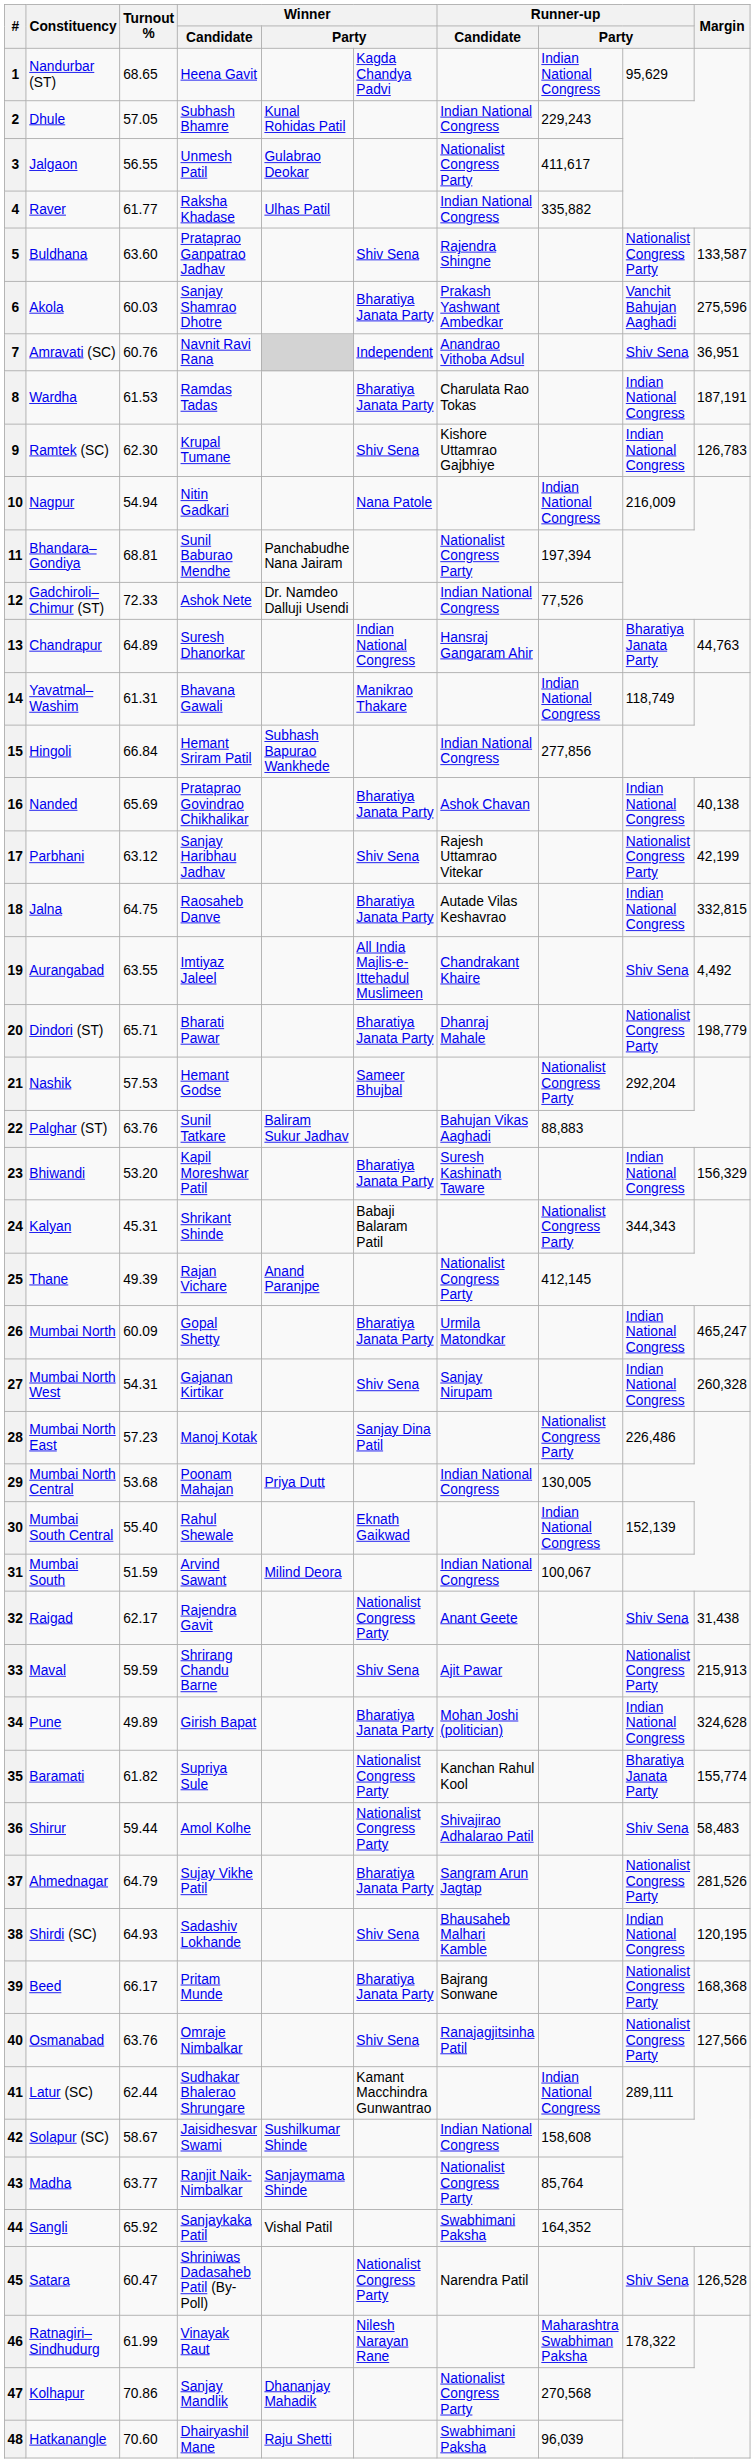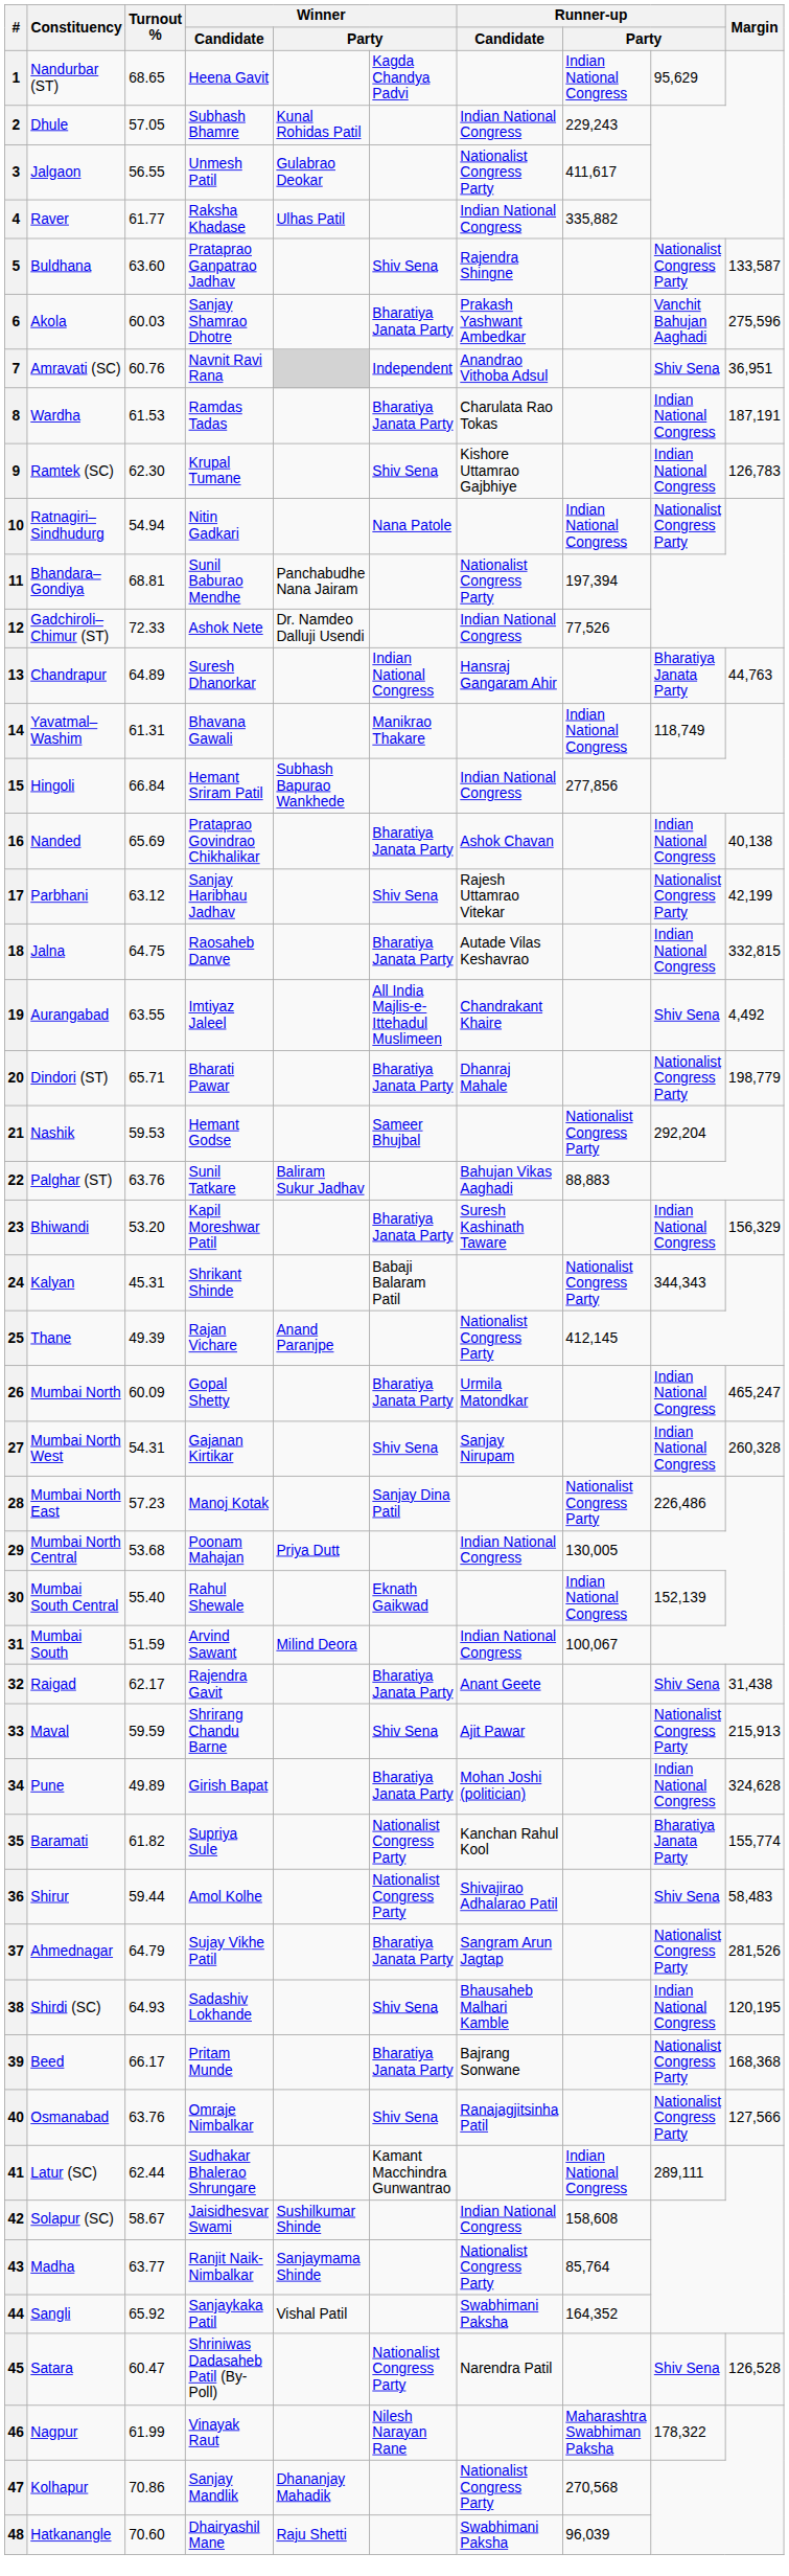 <table class="wikitable sortable">
 <tr>
 <th rowspan="2">#</th>
 <th rowspan="2">Constituency</th>
 <th rowspan="2">Turnout %</th>
 <th colspan="3">Winner</th>
 <th colspan="3">Runner-up</th>
 <th rowspan="2">Margin</th>
 </tr>
 <tr>
 <th>Candidate</th>
 <th colspan="2">Party</th>
 <th>Candidate</th>
 <th colspan="2">Party</th>
 </tr>
 <tr>
 <th>1</th>
 <td><a href='#'>Nandurbar</a> (ST)</td>
 <td>68.65 </td>
 <td><a href='#'>Heena Gavit</a></td>
 <td></td>
 <td><a href='#'>Kagda Chandya Padvi</a></td>
 <td style="background-color:"></td>
 <td><a href='#'>Indian National Congress</a></td>
 <td>95,629</td>
 </tr>
 <tr>
 <th>2</th>
 <td><a href='#'>Dhule</a></td>
 <td>57.05 </td>
 <td><a href='#'>Subhash Bhamre</a></td>
 <td><a href='#'>Kunal Rohidas Patil</a></td>
 <td style="background-color:"></td>
 <td><a href='#'>Indian National Congress</a></td>
 <td>229,243</td>
 </tr>
 <tr>
 <th>3</th>
 <td><a href='#'>Jalgaon</a></td>
 <td>56.55 </td>
 <td><a href='#'>Unmesh Patil</a></td>
 <td><a href='#'>Gulabrao Deokar</a></td>
 <td style="background-color:"></td>
 <td><a href='#'>Nationalist Congress Party</a></td>
 <td>411,617</td>
 </tr>
 <tr>
 <th>4</th>
 <td><a href='#'>Raver</a></td>
 <td>61.77 </td>
 <td><a href='#'>Raksha Khadase</a></td>
 <td><a href='#'>Ulhas Patil</a></td>
 <td style="background-color:"></td>
 <td><a href='#'>Indian National Congress</a></td>
 <td>335,882</td>
 </tr>
 <tr>
 <th>5</th>
 <td><a href='#'>Buldhana</a></td>
 <td>63.60 </td>
 <td><a href='#'>Prataprao Ganpatrao Jadhav</a></td>
 <td style="background-color: "></td>
 <td><a href='#'>Shiv Sena</a></td>
 <td><a href='#'>Rajendra Shingne</a></td>
 <td style="background-color:"></td>
 <td><a href='#'>Nationalist Congress Party</a></td>
 <td>133,587</td>
 </tr>
 <tr>
 <th>6</th>
 <td><a href='#'>Akola</a></td>
 <td>60.03 </td>
 <td><a href='#'>Sanjay Shamrao Dhotre</a></td>
 <td style="background-color:"></td>
 <td><a href='#'>Bharatiya Janata Party</a></td>
 <td><a href='#'>Prakash Yashwant Ambedkar</a></td>
 <td style="background-color:"></td>
 <td><a href='#'>Vanchit Bahujan Aaghadi</a></td>
 <td>275,596</td>
 </tr>
 <tr>
 <th>7</th>
 <td><a href='#'>Amravati</a> (SC)</td>
 <td>60.76 </td>
 <td><a href='#'>Navnit Ravi Rana</a></td>
 <td style="background-color:lightgrey"></td>
 <td><a href='#'>Independent</a></td>
 <td><a href='#'>Anandrao Vithoba Adsul</a></td>
 <td style="background-color:"></td>
 <td><a href='#'>Shiv Sena</a></td>
 <td>36,951</td>
 </tr>
 <tr>
 <th>8</th>
 <td><a href='#'>Wardha</a></td>
 <td>61.53 </td>
 <td><a href='#'>Ramdas Tadas</a></td>
 <td style="background-color:"></td>
 <td><a href='#'>Bharatiya Janata Party</a></td>
 <td>Charulata Rao<br>Tokas</td>
 <td style="background-color:"></td>
 <td><a href='#'>Indian National Congress</a></td>
 <td>187,191</td>
 </tr>
 <tr>
 <th>9</th>
 <td><a href='#'>Ramtek</a> (SC)</td>
 <td>62.30 </td>
 <td><a href='#'>Krupal Tumane</a></td>
 <td style="background-color: "></td>
 <td><a href='#'>Shiv Sena</a></td>
 <td>Kishore Uttamrao Gajbhiye</td>
 <td style="background-color:"></td>
 <td><a href='#'>Indian National Congress</a></td>
 <td>126,783</td>
 </tr>
 <tr>
 <th>10</th>
-<td><a href='#'>Nagpur</a></td>
+<td><a href='#'>Ratnagiri–Sindhudurg</a></td>
 <td>54.94 </td>
 <td><a href='#'>Nitin Gadkari</a></td>
 <td></td>
 <td><a href='#'>Nana Patole</a></td>
 <td style="background-color:"></td>
 <td><a href='#'>Indian National Congress</a></td>
-<td>216,009</td>
+<td><a href='#'>Nationalist Congress Party</a></td>
 </tr>
 <tr>
 <th>11</th>
 <td><a href='#'>Bhandara–Gondiya</a></td>
 <td>68.81 </td>
 <td><a href='#'>Sunil Baburao Mendhe</a></td>
 <td>Panchabudhe Nana Jairam</td>
 <td style="background-color:"></td>
 <td><a href='#'>Nationalist Congress Party</a></td>
 <td>197,394</td>
 </tr>
 <tr>
 <th>12</th>
 <td><a href='#'>Gadchiroli–Chimur</a> (ST)</td>
 <td>72.33 </td>
 <td><a href='#'>Ashok Nete</a></td>
 <td>Dr. Namdeo Dalluji Usendi</td>
 <td style="background-color:"></td>
 <td><a href='#'>Indian National Congress</a></td>
 <td>77,526</td>
 </tr>
 <tr>
 <th>13</th>
 <td><a href='#'>Chandrapur</a></td>
 <td>64.89 </td>
 <td><a href='#'>Suresh Dhanorkar</a></td>
 <td style="background-color: "></td>
 <td><a href='#'>Indian National Congress</a></td>
 <td><a href='#'>Hansraj Gangaram Ahir</a></td>
 <td style="background-color:"></td>
 <td><a href='#'>Bharatiya Janata Party</a></td>
 <td>44,763</td>
 </tr>
 <tr>
 <th>14</th>
 <td><a href='#'>Yavatmal–Washim</a></td>
 <td>61.31 </td>
 <td><a href='#'>Bhavana Gawali</a></td>
 <td></td>
 <td><a href='#'>Manikrao Thakare</a></td>
 <td style="background-color:"></td>
 <td><a href='#'>Indian National Congress</a></td>
 <td>118,749</td>
 </tr>
 <tr>
 <th>15</th>
 <td><a href='#'>Hingoli</a></td>
 <td>66.84 </td>
 <td><a href='#'>Hemant Sriram Patil</a></td>
 <td><a href='#'>Subhash Bapurao Wankhede</a></td>
 <td style="background-color:"></td>
 <td><a href='#'>Indian National Congress</a></td>
 <td>277,856</td>
 </tr>
 <tr>
 <th>16</th>
 <td><a href='#'>Nanded</a></td>
 <td>65.69 </td>
 <td><a href='#'>Prataprao Govindrao Chikhalikar</a></td>
 <td style="background-color:"></td>
 <td><a href='#'>Bharatiya Janata Party</a></td>
 <td><a href='#'>Ashok Chavan</a></td>
 <td style="background-color:"></td>
 <td><a href='#'>Indian National Congress</a></td>
 <td>40,138</td>
 </tr>
 <tr>
 <th>17</th>
 <td><a href='#'>Parbhani</a></td>
 <td>63.12 </td>
 <td><a href='#'>Sanjay Haribhau Jadhav</a></td>
 <td style="background-color: "></td>
 <td><a href='#'>Shiv Sena</a></td>
 <td>Rajesh Uttamrao Vitekar</td>
 <td style="background-color:"></td>
 <td><a href='#'>Nationalist Congress Party</a></td>
 <td>42,199</td>
 </tr>
 <tr>
 <th>18</th>
 <td><a href='#'>Jalna</a></td>
 <td>64.75 </td>
 <td><a href='#'>Raosaheb Danve</a></td>
 <td style="background-color:"></td>
 <td><a href='#'>Bharatiya Janata Party</a></td>
 <td>Autade Vilas Keshavrao</td>
 <td style="background-color:"></td>
 <td><a href='#'>Indian National Congress</a></td>
 <td>332,815</td>
 </tr>
 <tr>
 <th>19</th>
 <td><a href='#'>Aurangabad</a></td>
 <td>63.55 </td>
 <td><a href='#'>Imtiyaz Jaleel</a></td>
 <td style="background-color:"></td>
 <td><a href='#'>All India Majlis-e-Ittehadul Muslimeen</a></td>
 <td><a href='#'>Chandrakant Khaire</a></td>
 <td style="background-color:"></td>
 <td><a href='#'>Shiv Sena</a></td>
 <td>4,492</td>
 </tr>
 <tr>
 <th>20</th>
 <td><a href='#'>Dindori</a> (ST)</td>
 <td>65.71 </td>
 <td><a href='#'>Bharati Pawar</a></td>
 <td style="background-color:"></td>
 <td><a href='#'>Bharatiya Janata Party</a></td>
 <td><a href='#'>Dhanraj Mahale</a></td>
 <td style="background-color:"></td>
 <td><a href='#'>Nationalist Congress Party</a></td>
 <td>198,779</td>
 </tr>
 <tr>
 <th>21</th>
 <td><a href='#'>Nashik</a></td>
-<td>57.53 </td>
+<td>59.53 </td>
 <td><a href='#'>Hemant Godse</a></td>
 <td></td>
 <td><a href='#'>Sameer Bhujbal</a></td>
 <td style="background-color:"></td>
 <td><a href='#'>Nationalist Congress Party</a></td>
 <td>292,204</td>
 </tr>
 <tr>
 <th>22</th>
 <td><a href='#'>Palghar</a> (ST)</td>
 <td>63.76 </td>
 <td><a href='#'>Sunil Tatkare</a></td>
 <td><a href='#'>Baliram Sukur Jadhav</a></td>
 <td style="background-color:"></td>
 <td><a href='#'>Bahujan Vikas Aaghadi</a></td>
 <td>88,883</td>
 </tr>
 <tr>
 <th>23</th>
 <td><a href='#'>Bhiwandi</a></td>
 <td>53.20 </td>
 <td><a href='#'>Kapil Moreshwar Patil</a></td>
 <td style="background-color:"></td>
 <td><a href='#'>Bharatiya Janata Party</a></td>
 <td><a href='#'>Suresh Kashinath Taware</a></td>
 <td style="background-color:"></td>
 <td><a href='#'>Indian National Congress</a></td>
 <td>156,329</td>
 </tr>
 <tr>
 <th>24</th>
 <td><a href='#'>Kalyan</a></td>
 <td>45.31 </td>
 <td><a href='#'>Shrikant Shinde</a></td>
 <td></td>
 <td>Babaji Balaram Patil</td>
 <td style="background-color:"></td>
 <td><a href='#'>Nationalist Congress Party</a></td>
 <td>344,343</td>
 </tr>
 <tr>
 <th>25</th>
 <td><a href='#'>Thane</a></td>
 <td>49.39 </td>
 <td><a href='#'>Rajan Vichare</a></td>
 <td><a href='#'>Anand Paranjpe</a></td>
 <td style="background-color:"></td>
 <td><a href='#'>Nationalist Congress Party</a></td>
 <td>412,145</td>
 </tr>
 <tr>
 <th>26</th>
 <td><a href='#'>Mumbai North</a></td>
 <td>60.09 </td>
 <td><a href='#'>Gopal Shetty</a></td>
 <td style="background-color:"></td>
 <td><a href='#'>Bharatiya Janata Party</a></td>
 <td><a href='#'>Urmila Matondkar</a></td>
 <td style="background-color:"></td>
 <td><a href='#'>Indian National Congress</a></td>
 <td>465,247</td>
 </tr>
 <tr>
 <th>27</th>
 <td><a href='#'>Mumbai North West</a></td>
 <td>54.31 </td>
 <td><a href='#'>Gajanan Kirtikar</a></td>
 <td style="background-color: "></td>
 <td><a href='#'>Shiv Sena</a></td>
 <td><a href='#'>Sanjay Nirupam</a></td>
 <td style="background-color:"></td>
 <td><a href='#'>Indian National Congress</a></td>
 <td>260,328</td>
 </tr>
 <tr>
 <th>28</th>
 <td><a href='#'>Mumbai North East</a></td>
 <td>57.23 </td>
 <td><a href='#'>Manoj Kotak</a></td>
 <td></td>
 <td><a href='#'>Sanjay Dina Patil</a></td>
 <td style="background-color:"></td>
 <td><a href='#'>Nationalist Congress Party</a></td>
 <td>226,486</td>
 </tr>
 <tr>
 <th>29</th>
 <td><a href='#'>Mumbai North Central</a></td>
 <td>53.68 </td>
 <td><a href='#'>Poonam Mahajan</a></td>
 <td><a href='#'>Priya Dutt</a></td>
 <td style="background-color:"></td>
 <td><a href='#'>Indian National Congress</a></td>
 <td>130,005</td>
 </tr>
 <tr>
 <th>30</th>
 <td><a href='#'>Mumbai South Central</a></td>
 <td>55.40 </td>
 <td><a href='#'>Rahul Shewale</a></td>
 <td></td>
 <td><a href='#'>Eknath Gaikwad</a></td>
 <td style="background-color:"></td>
 <td><a href='#'>Indian National Congress</a></td>
 <td>152,139</td>
 </tr>
 <tr>
 <th>31</th>
 <td><a href='#'>Mumbai South</a></td>
 <td>51.59 </td>
 <td><a href='#'>Arvind Sawant</a></td>
 <td><a href='#'>Milind Deora</a></td>
 <td style="background-color:"></td>
 <td><a href='#'>Indian National Congress</a></td>
 <td>100,067</td>
 </tr>
 <tr>
 <th>32</th>
 <td><a href='#'>Raigad</a></td>
 <td>62.17 </td>
 <td><a href='#'>Rajendra Gavit</a></td>
 <td style="background-color: "></td>
-<td><a href='#'>Nationalist Congress Party</a></td>
+<td><a href='#'>Bharatiya Janata Party</a></td>
 <td><a href='#'>Anant Geete</a></td>
 <td style="background-color:"></td>
 <td><a href='#'>Shiv Sena</a></td>
 <td>31,438</td>
 </tr>
 <tr>
 <th>33</th>
 <td><a href='#'>Maval</a></td>
 <td>59.59 </td>
 <td><a href='#'>Shrirang Chandu Barne</a></td>
 <td style="background-color: "></td>
 <td><a href='#'>Shiv Sena</a></td>
 <td><a href='#'>Ajit Pawar</a></td>
 <td style="background-color:"></td>
 <td><a href='#'>Nationalist Congress Party</a></td>
 <td>215,913</td>
 </tr>
 <tr>
 <th>34</th>
 <td><a href='#'>Pune</a></td>
 <td>49.89 </td>
 <td><a href='#'>Girish Bapat</a></td>
 <td style="background-color:"></td>
 <td><a href='#'>Bharatiya Janata Party</a></td>
 <td><a href='#'>Mohan Joshi (politician)</a></td>
 <td style="background-color:"></td>
 <td><a href='#'>Indian National Congress</a></td>
 <td>324,628</td>
 </tr>
 <tr>
 <th>35</th>
 <td><a href='#'>Baramati</a></td>
 <td>61.82 </td>
 <td><a href='#'>Supriya Sule</a></td>
 <td style="background-color: "></td>
 <td><a href='#'>Nationalist Congress Party</a></td>
 <td>Kanchan Rahul Kool</td>
 <td style="background-color:"></td>
 <td><a href='#'>Bharatiya Janata Party</a></td>
 <td>155,774</td>
 </tr>
 <tr>
 <th>36</th>
 <td><a href='#'>Shirur</a></td>
 <td>59.44 </td>
 <td><a href='#'>Amol Kolhe</a></td>
 <td style="background-color: "></td>
 <td><a href='#'>Nationalist Congress Party</a></td>
 <td><a href='#'>Shivajirao Adhalarao Patil</a></td>
 <td style="background-color:"></td>
 <td><a href='#'>Shiv Sena</a></td>
 <td>58,483</td>
 </tr>
 <tr>
 <th>37</th>
 <td><a href='#'>Ahmednagar</a></td>
 <td>64.79 </td>
 <td><a href='#'>Sujay Vikhe Patil</a></td>
 <td style="background-color:"></td>
 <td><a href='#'>Bharatiya Janata Party</a></td>
 <td><a href='#'>Sangram Arun Jagtap</a></td>
 <td style="background-color:"></td>
 <td><a href='#'>Nationalist Congress Party</a></td>
 <td>281,526</td>
 </tr>
 <tr>
 <th>38</th>
 <td><a href='#'>Shirdi</a> (SC)</td>
 <td>64.93 </td>
 <td><a href='#'>Sadashiv Lokhande</a></td>
 <td style="background-color: "></td>
 <td><a href='#'>Shiv Sena</a></td>
 <td><a href='#'>Bhausaheb Malhari Kamble</a></td>
 <td style="background-color:"></td>
 <td><a href='#'>Indian National Congress</a></td>
 <td>120,195</td>
 </tr>
 <tr>
 <th>39</th>
 <td><a href='#'>Beed</a></td>
 <td>66.17 </td>
 <td><a href='#'>Pritam Munde</a></td>
 <td style="background-color:"></td>
 <td><a href='#'>Bharatiya Janata Party</a></td>
 <td>Bajrang Sonwane</td>
 <td style="background-color:"></td>
 <td><a href='#'>Nationalist Congress Party</a></td>
 <td>168,368</td>
 </tr>
 <tr>
 <th>40</th>
 <td><a href='#'>Osmanabad</a></td>
 <td>63.76 </td>
 <td><a href='#'>Omraje Nimbalkar</a></td>
 <td style="background-color: "></td>
 <td><a href='#'>Shiv Sena</a></td>
 <td><a href='#'>Ranajagjitsinha Patil</a></td>
 <td style="background-color:"></td>
 <td><a href='#'>Nationalist Congress Party</a></td>
 <td>127,566</td>
 </tr>
 <tr>
 <th>41</th>
 <td><a href='#'>Latur</a> (SC)</td>
 <td>62.44 </td>
 <td><a href='#'>Sudhakar Bhalerao Shrungare</a></td>
 <td></td>
 <td>Kamant Macchindra Gunwantrao</td>
 <td style="background-color:"></td>
 <td><a href='#'>Indian National Congress</a></td>
 <td>289,111</td>
 </tr>
 <tr>
 <th>42</th>
 <td><a href='#'>Solapur</a> (SC)</td>
 <td>58.67 </td>
 <td><a href='#'>Jaisidhesvar Swami</a></td>
 <td><a href='#'>Sushilkumar Shinde</a></td>
 <td style="background-color:"></td>
 <td><a href='#'>Indian National Congress</a></td>
 <td>158,608</td>
 </tr>
 <tr>
 <th>43</th>
 <td><a href='#'>Madha</a></td>
 <td>63.77 </td>
 <td><a href='#'>Ranjit Naik-Nimbalkar</a></td>
 <td><a href='#'>Sanjaymama Shinde</a></td>
 <td style="background-color:"></td>
 <td><a href='#'>Nationalist Congress Party</a></td>
 <td>85,764</td>
 </tr>
 <tr>
 <th>44</th>
 <td><a href='#'>Sangli</a></td>
 <td>65.92 </td>
 <td><a href='#'>Sanjaykaka Patil</a></td>
 <td>Vishal Patil</td>
 <td style="background-color:"></td>
 <td><a href='#'>Swabhimani Paksha</a></td>
 <td>164,352</td>
 </tr>
 <tr>
 <th>45</th>
 <td><a href='#'>Satara</a></td>
 <td>60.47 </td>
 <td><a href='#'>Shriniwas Dadasaheb Patil</a> (By-Poll)</td>
 <td style="background-color: "></td>
 <td><a href='#'>Nationalist Congress Party</a></td>
 <td>Narendra Patil</td>
 <td style="background-color:"></td>
 <td><a href='#'>Shiv Sena</a></td>
 <td>126,528</td>
 </tr>
 <tr>
 <th>46</th>
-<td><a href='#'>Ratnagiri–Sindhudurg</a></td>
+<td><a href='#'>Nagpur</a></td>
 <td>61.99 </td>
 <td><a href='#'>Vinayak Raut</a></td>
 <td></td>
 <td><a href='#'>Nilesh Narayan Rane</a></td>
 <td style="background-color:"></td>
 <td><a href='#'>Maharashtra Swabhiman Paksha</a></td>
 <td>178,322</td>
 </tr>
 <tr>
 <th>47</th>
 <td><a href='#'>Kolhapur</a></td>
 <td>70.86 </td>
 <td><a href='#'>Sanjay Mandlik</a></td>
 <td><a href='#'>Dhananjay Mahadik</a></td>
 <td style="background-color:"></td>
 <td><a href='#'>Nationalist Congress Party</a></td>
 <td>270,568</td>
 </tr>
 <tr>
 <th>48</th>
 <td><a href='#'>Hatkanangle</a></td>
 <td>70.60 </td>
 <td><a href='#'>Dhairyashil Mane</a></td>
 <td><a href='#'>Raju Shetti</a></td>
 <td style="background-color:"></td>
 <td><a href='#'>Swabhimani Paksha</a></td>
 <td>96,039</td>
 </tr>
 </table>
